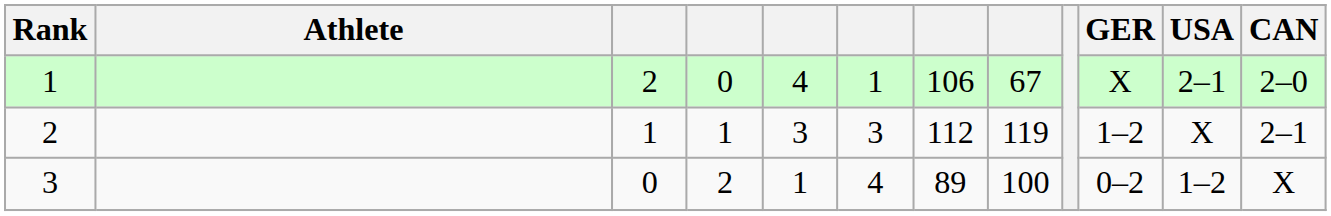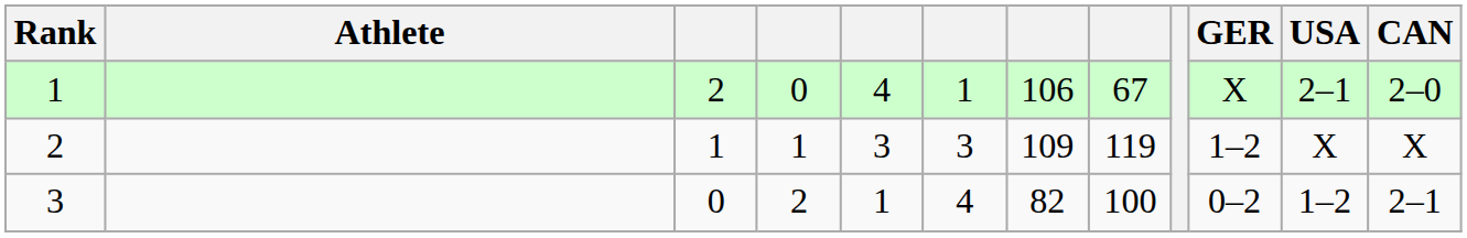 <table class="wikitable" style="text-align:center">
 <tr>
 <th>Rank</th>
 <th width=250>Athlete</th>
 <th width=30></th>
 <th width=30></th>
 <th width=30></th>
 <th width=30></th>
 <th width=30></th>
 <th width=30></th>
 <th rowspan=4></th>
 <th width=30>GER</th>
 <th width=30>USA</th>
 <th width=30>CAN</th>
 </tr>
 <tr style="background-color:#ccffcc;">
 <td>1</td>
 <td align=left></td>
 <td>2</td>
 <td>0</td>
 <td>4</td>
 <td>1</td>
 <td>106</td>
 <td>67</td>
 <td>X</td>
 <td>2–1</td>
 <td>2–0</td>
 </tr>
 <tr>
 <td>2</td>
 <td align=left></td>
 <td>1</td>
 <td>1</td>
 <td>3</td>
 <td>3</td>
-<td>112</td>
+<td>109</td>
 <td>119</td>
 <td>1–2</td>
 <td>X</td>
-<td>2–1</td>
+<td>X</td>
 </tr>
 <tr>
 <td>3</td>
 <td align=left></td>
 <td>0</td>
 <td>2</td>
 <td>1</td>
 <td>4</td>
-<td>89</td>
+<td>82</td>
 <td>100</td>
 <td>0–2</td>
 <td>1–2</td>
-<td>X</td>
+<td>2–1</td>
 </tr>
 </table>
